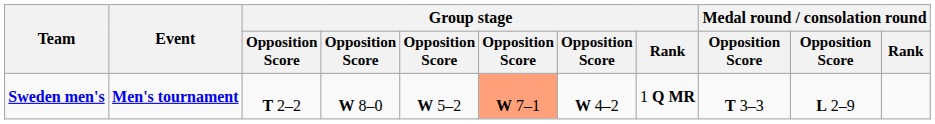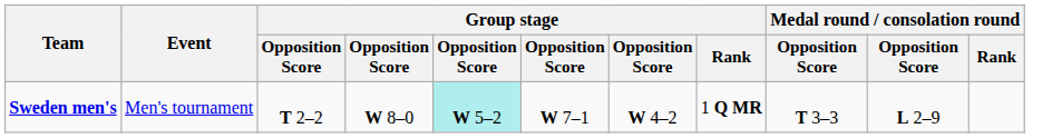 <table class="wikitable" style="font-size:90%">
 <tr>
 <th rowspan=2>Team</th>
 <th rowspan=2>Event</th>
 <th colspan=6>Group stage</th>
 <th colspan=3>Medal round / consolation round</th>
 </tr>
 <tr style="font-size:95%">
 <th>Opposition<br>Score</th>
 <th>Opposition<br>Score</th>
 <th>Opposition<br>Score</th>
 <th>Opposition<br>Score</th>
 <th>Opposition<br>Score</th>
 <th>Rank</th>
 <th>Opposition<br>Score</th>
 <th>Opposition<br>Score</th>
 <th>Rank</th>
 </tr>
 <tr align=center>
 <td align=left><strong><a href='#'>Sweden men's</a></strong></td>
-<td align=left><strong><a href='#'>Men's tournament</a></strong></td>
+<td align=left><a href='#'>Men's tournament</a></td>
 <td><br><strong>T</strong> 2–2</td>
 <td><br><strong>W</strong> 8–0</td>
-<td><br><strong>W</strong> 5–2</td>
-<td style="background: lightsalmon;"><br><strong>W</strong> 7–1</td>
+<td style="background: paleturquoise;"><br><strong>W</strong> 5–2</td>
+<td><br><strong>W</strong> 7–1</td>
 <td><br><strong>W</strong> 4–2</td>
 <td>1 <strong>Q MR</strong></td>
 <td><br><strong>T</strong> 3–3</td>
 <td><br><strong>L</strong> 2–9</td>
 <td></td>
 </tr>
 </table>
